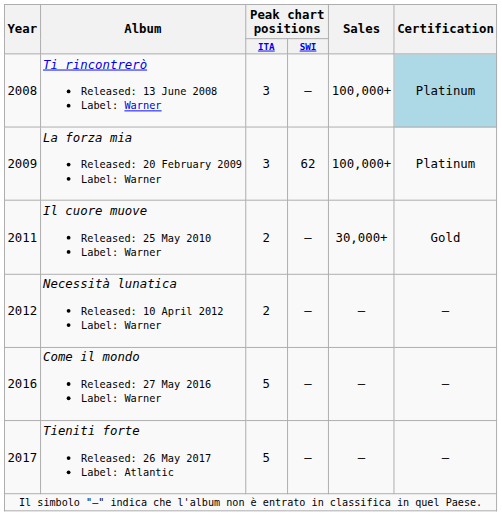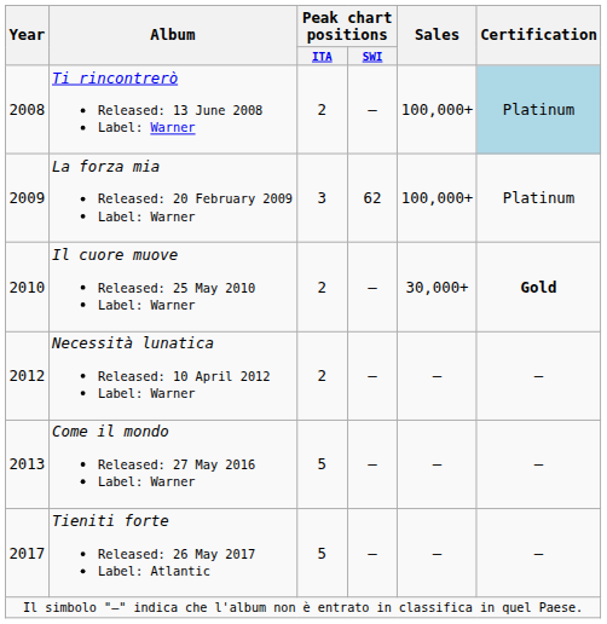 <table class="wikitable" style="testo-align:center;">
 <tr>
 <th rowspan="2">Year</th>
 <th width="210" rowspan="2">Album</th>
 <th colspan="2">Peak chart positions</th>
 <th rowspan="2">Sales</th>
 <th rowspan="2">Certification</th>
 </tr>
 <tr>
 <th style="width:4em;font-size:75%"><a href='#'>ITA</a></th>
 <th style="width:4em;font-size:75%"><a href='#'>SWI</a></th>
 </tr>
 <tr>
 <td>2008</td>
 <td align="left"><em><a href='#'>Ti rincontrerò</a></em><br><ul><li><small>Released: 13 June 2008</small></li><li><small>Label: <a href='#'>Warner</a></small></li></ul></td>
-<td align="center">3</td>
+<td align="center">2</td>
 <td align="center">—</td>
 <td align="center">100,000+</td>
 <td align="center" style="background: lightblue;">Platinum</td>
 </tr>
 <tr>
 <td>2009</td>
 <td align="left"><em>La forza mia</em><br><ul><li><small>Released: 20 February 2009</small></li><li><small>Label: Warner</small></li></ul></td>
 <td align="center">3</td>
 <td align="center">62</td>
 <td align="center">100,000+</td>
 <td align="center">Platinum</td>
 </tr>
 <tr>
-<td>2011</td>
+<td>2010</td>
 <td align="left"><em>Il cuore muove</em><br><ul><li><small>Released: 25 May 2010</small></li><li><small>Label: Warner</small></li></ul></td>
 <td align="center">2</td>
 <td align="center">—</td>
 <td align="center">30,000+</td>
-<td align="center">Gold</td>
+<td align="center"><strong>Gold</strong></td>
 </tr>
 <tr>
 <td>2012</td>
 <td align="left"><em>Necessità lunatica</em><br><ul><li><small>Released: 10 April 2012</small></li><li><small>Label: Warner</small></li></ul></td>
 <td align="center">2</td>
 <td align="center">—</td>
 <td align="center">—</td>
 <td align="center">—</td>
 </tr>
 <tr>
-<td>2016</td>
+<td>2013</td>
 <td align="left"><em>Come il mondo</em><br><ul><li><small>Released: 27 May 2016</small></li><li><small>Label: Warner</small></li></ul></td>
 <td align="center">5</td>
 <td align="center">—</td>
 <td align="center">—</td>
 <td align="center">—</td>
 </tr>
 <tr>
 <td>2017</td>
 <td align="left"><em>Tieniti forte</em><br><ul><li><small>Released: 26 May 2017</small></li><li><small>Label: Atlantic</small></li></ul></td>
 <td align="center">5</td>
 <td align="center">—</td>
 <td align="center">—</td>
 <td align="center">—</td>
 </tr>
 <tr>
 <td align="center" colspan="7" style="font-size: 8pt">Il simbolo "—" indica che l'album non è entrato in classifica in quel Paese.</td>
 </tr>
 </table>
